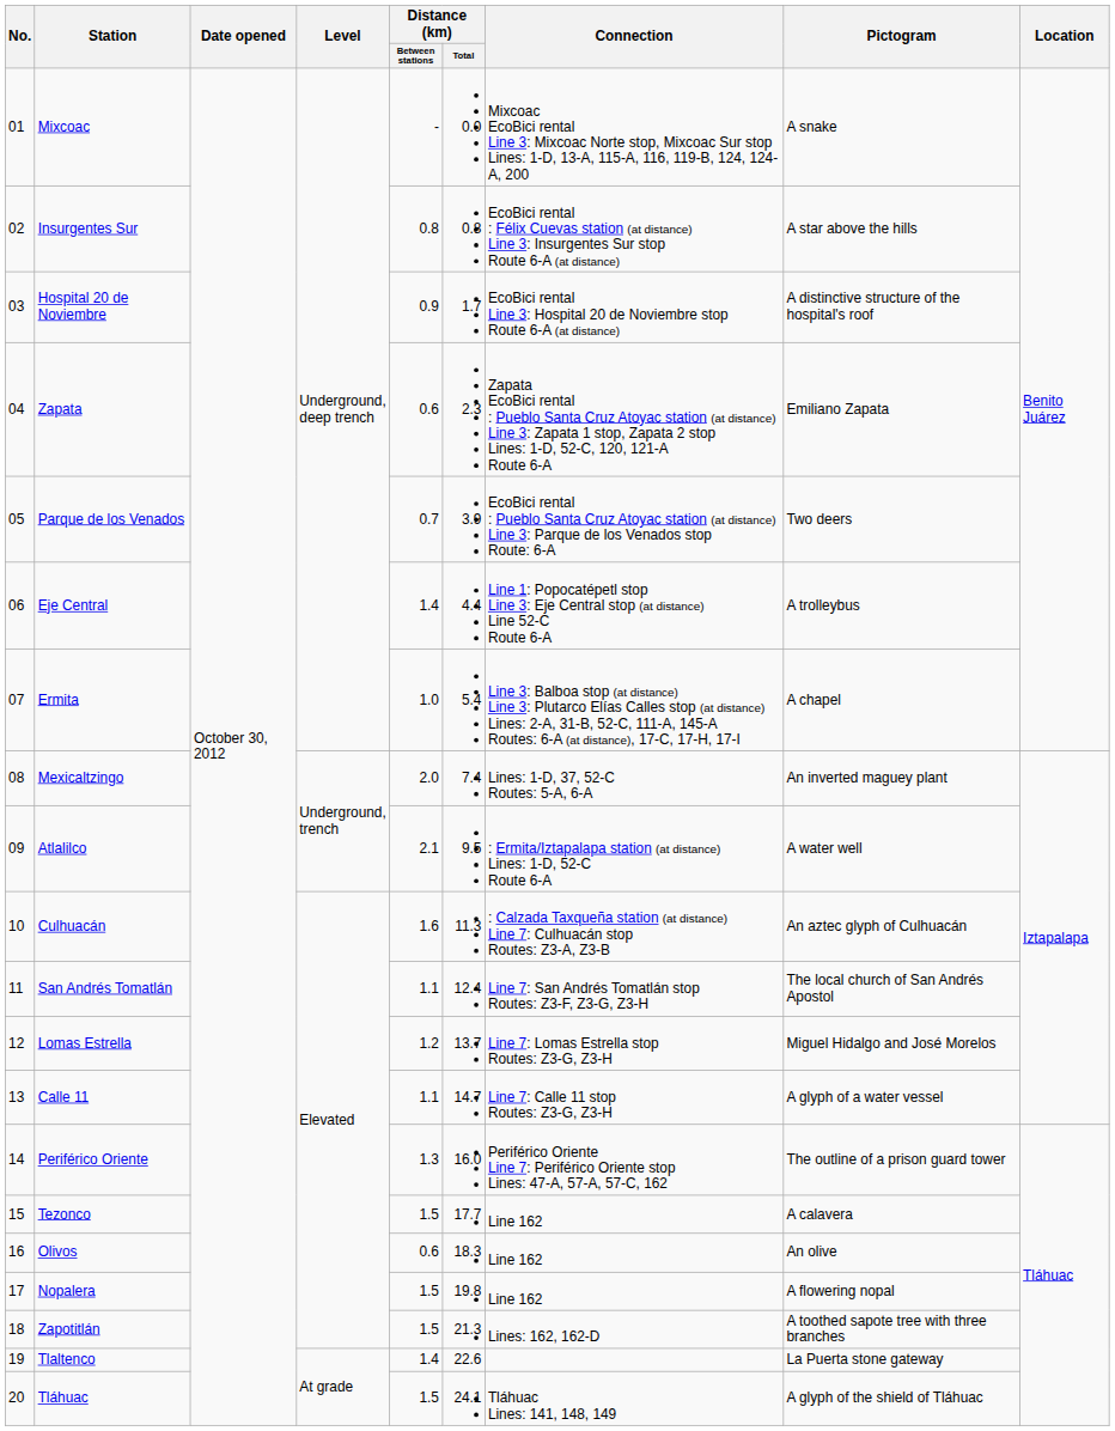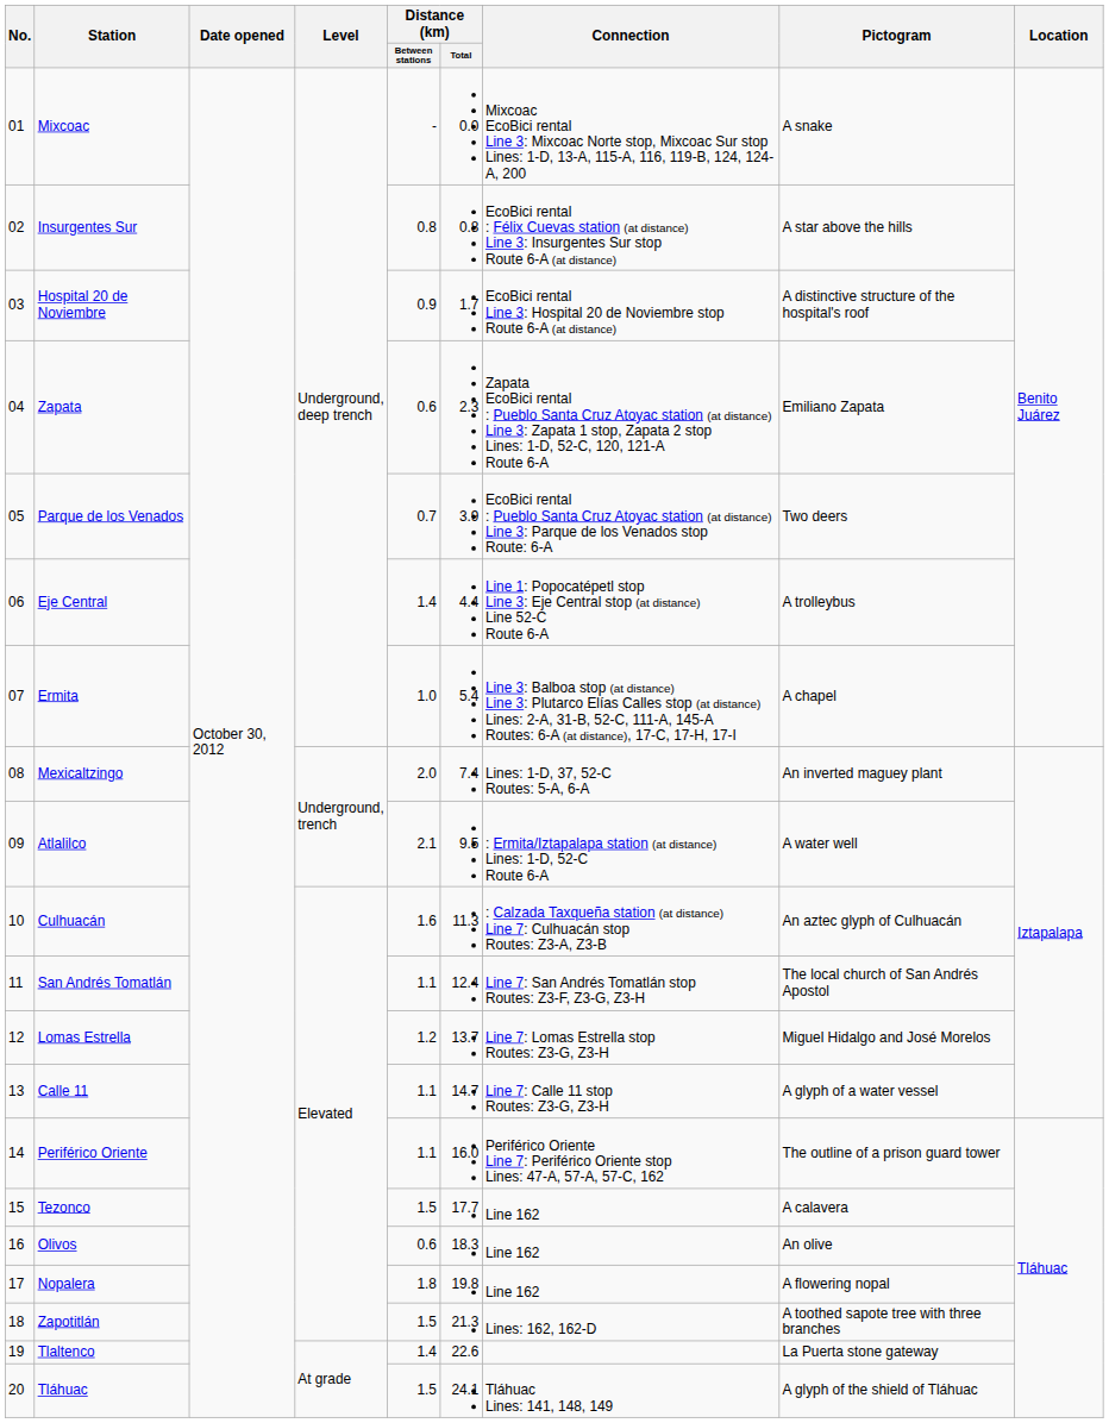 <table class="wikitable" rules="all">
 <tr>
 <th rowspan="2">No.</th>
 <th rowspan="2">Station</th>
 <th rowspan="2">Date opened</th>
 <th rowspan="2">Level</th>
 <th colspan="2">Distance (km)</th>
 <th rowspan="2">Connection</th>
 <th rowspan="2">Pictogram</th>
 <th rowspan="2">Location</th>
 </tr>
 <tr>
 <th style="font-size: 65%;">Between<br>stations</th>
 <th style="font-size: 65%;">Total</th>
 </tr>
 <tr>
 <td style="background: #">01</td>
 <td><a href='#'>Mixcoac</a></td>
 <td rowspan="20">October 30, 2012</td>
 <td rowspan="7">Underground,<br>deep trench</td>
 <td style="text-align:right;">-</td>
 <td style="text-align:right;">0.0</td>
 <td><br><li> </li> <li> Mixcoac</li> <li> EcoBici rental</li> <li>  <a href='#'>Line 3</a>: Mixcoac Norte stop, Mixcoac Sur stop </li> <li> Lines: 1-D, 13-A, 115-A, 116, 119-B, 124, 124-A, 200</li></td>
 <td>A snake</td>
 <td rowspan="7"><a href='#'>Benito Juárez</a></td>
 </tr>
 <tr>
 <td style="background: #">02</td>
 <td><a href='#'>Insurgentes Sur</a></td>
 <td style="text-align:right;">0.8</td>
 <td style="text-align:right;">0.8</td>
 <td><br><li> EcoBici rental</li> <li> : <a href='#'>Félix Cuevas station</a> <small>(at distance)</small> </li> <li>  <a href='#'>Line 3</a>: Insurgentes Sur stop</li> <li> Route 6-A <small>(at distance)</small></li></td>
 <td>A star above the hills</td>
 </tr>
 <tr>
 <td style="background: #">03</td>
 <td><a href='#'>Hospital 20 de Noviembre</a></td>
 <td style="text-align:right;">0.9</td>
 <td style="text-align:right;">1.7</td>
 <td><br><li> EcoBici rental</li> <li>  <a href='#'>Line 3</a>: Hospital 20 de Noviembre stop </li> <li> Route 6-A <small>(at distance)</small></td>
 <td>A distinctive structure of the hospital's roof</td>
 </tr>
 <tr>
 <td style="background: #">04</td>
 <td><a href='#'>Zapata</a></td>
 <td style="text-align:right;">0.6</td>
 <td style="text-align:right;">2.3</td>
 <td><br><li> </li> <li> Zapata</li> <li> EcoBici rental</li> <li> : <a href='#'>Pueblo Santa Cruz Atoyac station</a> <small>(at distance)</small> </li> <li>  <a href='#'>Line 3</a>: Zapata 1 stop, Zapata 2 stop</li> <li> Lines: 1-D, 52-C, 120, 121-A </li> <li> Route 6-A</li></td>
 <td>Emiliano Zapata</td>
 </tr>
 <tr>
 <td style="background: #">05</td>
 <td><a href='#'>Parque de los Venados</a></td>
 <td style="text-align:right;">0.7</td>
 <td style="text-align:right;">3.9</td>
 <td><br><li> EcoBici rental</li> <li> : <a href='#'>Pueblo Santa Cruz Atoyac station</a> <small>(at distance)</small> </li> <li>  <a href='#'>Line 3</a>: Parque de los Venados stop<br><li> Route: 6-A</td>
 <td>Two deers</td>
 </tr>
 <tr>
 <td style="background: #">06</td>
 <td><a href='#'>Eje Central</a></td>
 <td style="text-align:right;">1.4</td>
 <td style="text-align:right;">4.4</td>
 <td><br><li>  <a href='#'>Line 1</a>: Popocatépetl stop</li> <li>  <a href='#'>Line 3</a>: Eje Central stop <small>(at distance)</small><li> Line 52-C<li> Route 6-A</td>
 <td>A trolleybus</td>
 </tr>
 <tr>
 <td style="background: #">07</td>
 <td><a href='#'>Ermita</a></td>
 <td style="text-align:right;">1.0</td>
 <td style="text-align:right;">5.4</td>
 <td><br><li> </li> <li>  <a href='#'>Line 3</a>: Balboa stop <small>(at distance)</small><li>  <a href='#'>Line 3</a>: Plutarco Elías Calles stop <small>(at distance)</small> <li> Lines: 2-A, 31-B, 52-C, 111-A, 145-A<li> Routes: 6-A <small>(at distance)</small>, 17-C, 17-H, 17-I</td>
 <td>A chapel</td>
 </tr>
 <tr>
 <td style="background: #">08</td>
 <td><a href='#'>Mexicaltzingo</a></td>
 <td rowspan="2">Underground,<br>trench</td>
 <td style="text-align:right;">2.0</td>
 <td style="text-align:right;">7.4</td>
 <td><br><li> Lines: 1-D, 37, 52-C</li> <li> Routes: 5-A, 6-A</td>
 <td>An inverted maguey plant</td>
 <td rowspan="6"><a href='#'>Iztapalapa</a></td>
 </tr>
 <tr>
 <td style="background: #">09</td>
 <td><a href='#'>Atlalilco</a></td>
 <td style="text-align:right;">2.1</td>
 <td style="text-align:right;">9.5</td>
 <td><br><li> </li> <li> : <a href='#'>Ermita/Iztapalapa station</a> <small>(at distance)</small></li> <li> Lines: 1-D, 52-C<br><li> Route 6-A</td>
 <td>A water well</td>
 </tr>
 <tr>
 <td style="background: #">10</td>
 <td><a href='#'>Culhuacán</a></td>
 <td rowspan="9">Elevated</td>
 <td style="text-align:right;">1.6</td>
 <td style="text-align:right;">11.3</td>
 <td><br><li> : <a href='#'>Calzada Taxqueña station</a> <small>(at distance)</small></li> <li>  <a href='#'>Line 7</a>: Culhuacán stop<li> Routes: Z3-A, Z3-B</td>
 <td>An aztec glyph of  Culhuacán</td>
 </tr>
 <tr>
 <td style="background: #">11</td>
 <td><a href='#'>San Andrés Tomatlán</a></td>
 <td style="text-align:right;">1.1</td>
 <td style="text-align:right;">12.4</td>
 <td><br><li>  <a href='#'>Line 7</a>: San Andrés Tomatlán stop</li> <li> Routes: Z3-F, Z3-G, Z3-H</td>
 <td>The local church of San Andrés Apostol</td>
 </tr>
 <tr>
 <td style="background: #">12</td>
 <td><a href='#'>Lomas Estrella</a></td>
 <td style="text-align:right;">1.2</td>
 <td style="text-align:right;">13.7</td>
 <td><br><li>  <a href='#'>Line 7</a>: Lomas Estrella stop<li> Routes: Z3-G, Z3-H</td>
 <td>Miguel Hidalgo and José Morelos</td>
 </tr>
 <tr>
 <td style="background: #">13</td>
 <td><a href='#'>Calle 11</a></td>
 <td style="text-align:right;">1.1</td>
 <td style="text-align:right;">14.7</td>
 <td><br><li>  <a href='#'>Line 7</a>: Calle 11 stop<li> Routes: Z3-G, Z3-H</td>
 <td>A glyph of a water vessel</td>
 </tr>
 <tr>
 <td style="background: #">14</td>
 <td><a href='#'>Periférico Oriente</a></td>
-<td style="text-align:right;">1.3</td>
+<td style="text-align:right;">1.1</td>
 <td style="text-align:right;">16.0</td>
 <td><br><li> Periférico Oriente</li> <li>  <a href='#'>Line 7</a>: Periférico Oriente stop</li> <li> Lines: 47-A, 57-A, 57-C, 162 </li></td>
 <td>The outline of a prison guard tower</td>
 <td rowspan="7"><a href='#'>Tláhuac</a></td>
 </tr>
 <tr>
 <td style="background: #">15</td>
 <td><a href='#'>Tezonco</a></td>
 <td style="text-align:right;">1.5</td>
 <td style="text-align:right;">17.7</td>
 <td><br><li> Line 162</li></td>
 <td>A calavera</td>
 </tr>
 <tr>
 <td style="background: #">16</td>
 <td><a href='#'>Olivos</a></td>
 <td style="text-align:right;">0.6</td>
 <td style="text-align:right;">18.3</td>
 <td><br><li> Line 162</li></td>
 <td>An olive</td>
 </tr>
 <tr>
 <td style="background: #">17</td>
 <td><a href='#'>Nopalera</a></td>
-<td style="text-align:right;">1.5</td>
+<td style="text-align:right;">1.8</td>
 <td style="text-align:right;">19.8</td>
 <td><br><li> Line 162</li></td>
 <td>A flowering nopal</td>
 </tr>
 <tr>
 <td style="background: #">18</td>
 <td><a href='#'>Zapotitlán</a></td>
 <td style="text-align:right;">1.5</td>
 <td style="text-align:right;">21.3</td>
 <td><br><li> Lines: 162, 162-D</li></td>
 <td>A toothed sapote tree with three branches</td>
 </tr>
 <tr>
 <td style="background: #">19</td>
 <td><a href='#'>Tlaltenco</a></td>
 <td rowspan="2">At grade</td>
 <td style="text-align:right;">1.4</td>
 <td style="text-align:right;">22.6</td>
 <td></td>
 <td>La Puerta stone gateway</td>
 </tr>
 <tr>
 <td style="background: #">20</td>
 <td><a href='#'>Tláhuac</a></td>
 <td style="text-align:right;">1.5</td>
 <td style="text-align:right;">24.1</td>
 <td><br><li> Tláhuac</li> <li> Lines: 141, 148, 149</li></td>
 <td>A glyph of the shield of Tláhuac</td>
 </tr>
 </table>
